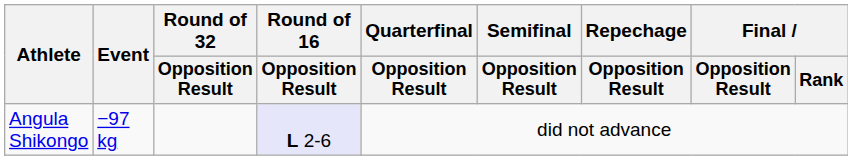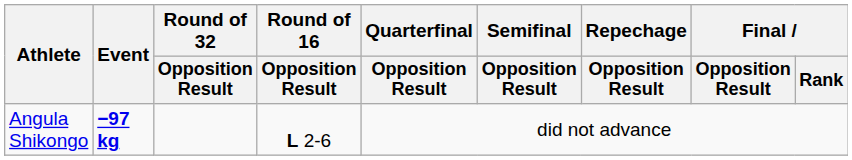 <table class="wikitable" style="font-size:90%">
 <tr>
 <th rowspan=2>Athlete</th>
 <th rowspan=2>Event</th>
 <th>Round of 32</th>
 <th>Round of 16</th>
 <th>Quarterfinal</th>
 <th>Semifinal</th>
 <th>Repechage</th>
 <th colspan=2>Final / </th>
 </tr>
 <tr style="font-size: 95%">
 <th>Opposition<br>Result</th>
 <th>Opposition<br>Result</th>
 <th>Opposition<br>Result</th>
 <th>Opposition<br>Result</th>
 <th>Opposition<br>Result</th>
 <th>Opposition<br>Result</th>
 <th>Rank</th>
 </tr>
 <tr align=center>
 <td align=left><a href='#'>Angula Shikongo</a></td>
-<td align=left><a href='#'>−97 kg</a></td>
+<td align=left><strong><a href='#'>−97 kg</a></strong></td>
 <td></td>
-<td style="background: lavender;"><br><strong>L</strong> 2-6</td>
+<td><br><strong>L</strong> 2-6</td>
 <td colspan=5>did not advance</td>
 </tr>
 </table>
